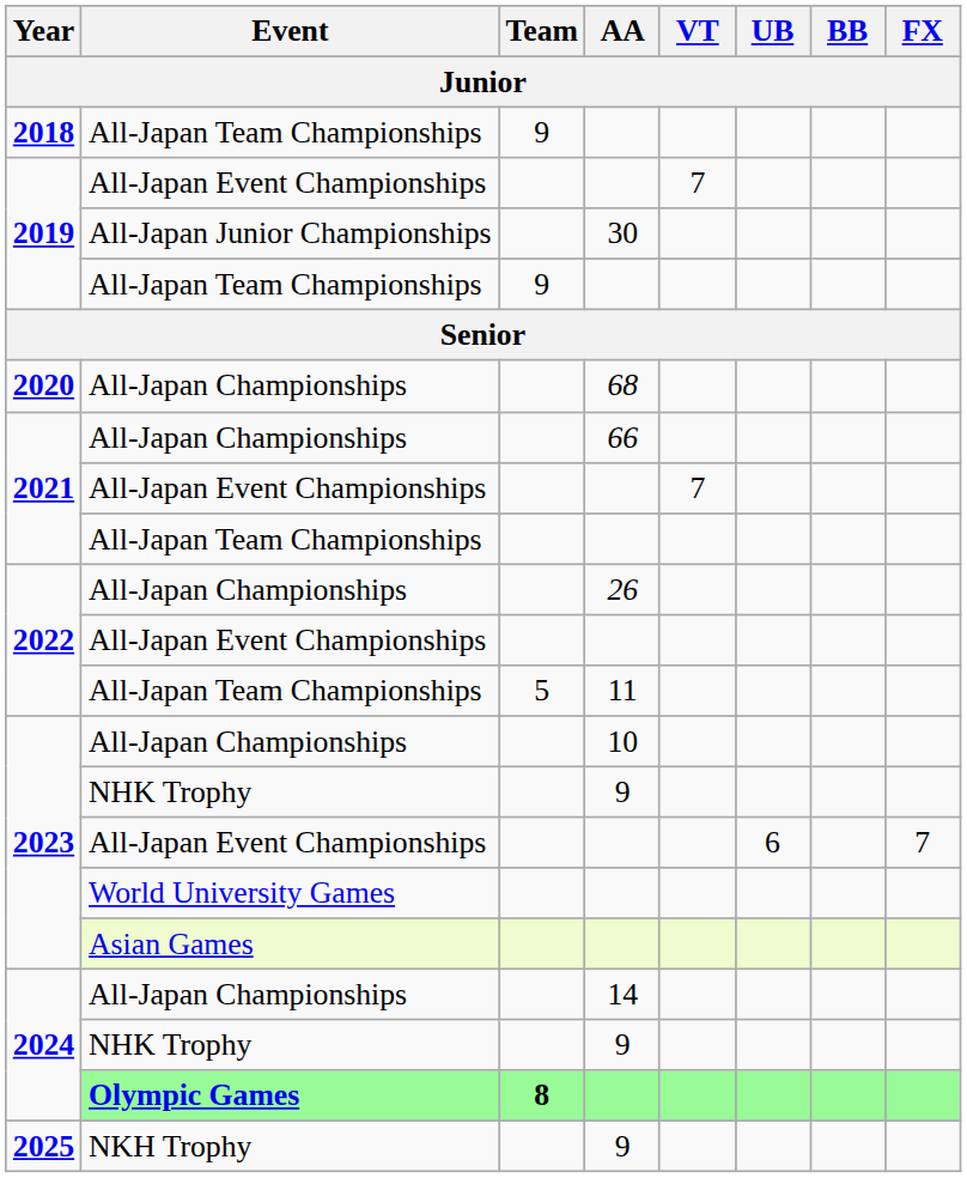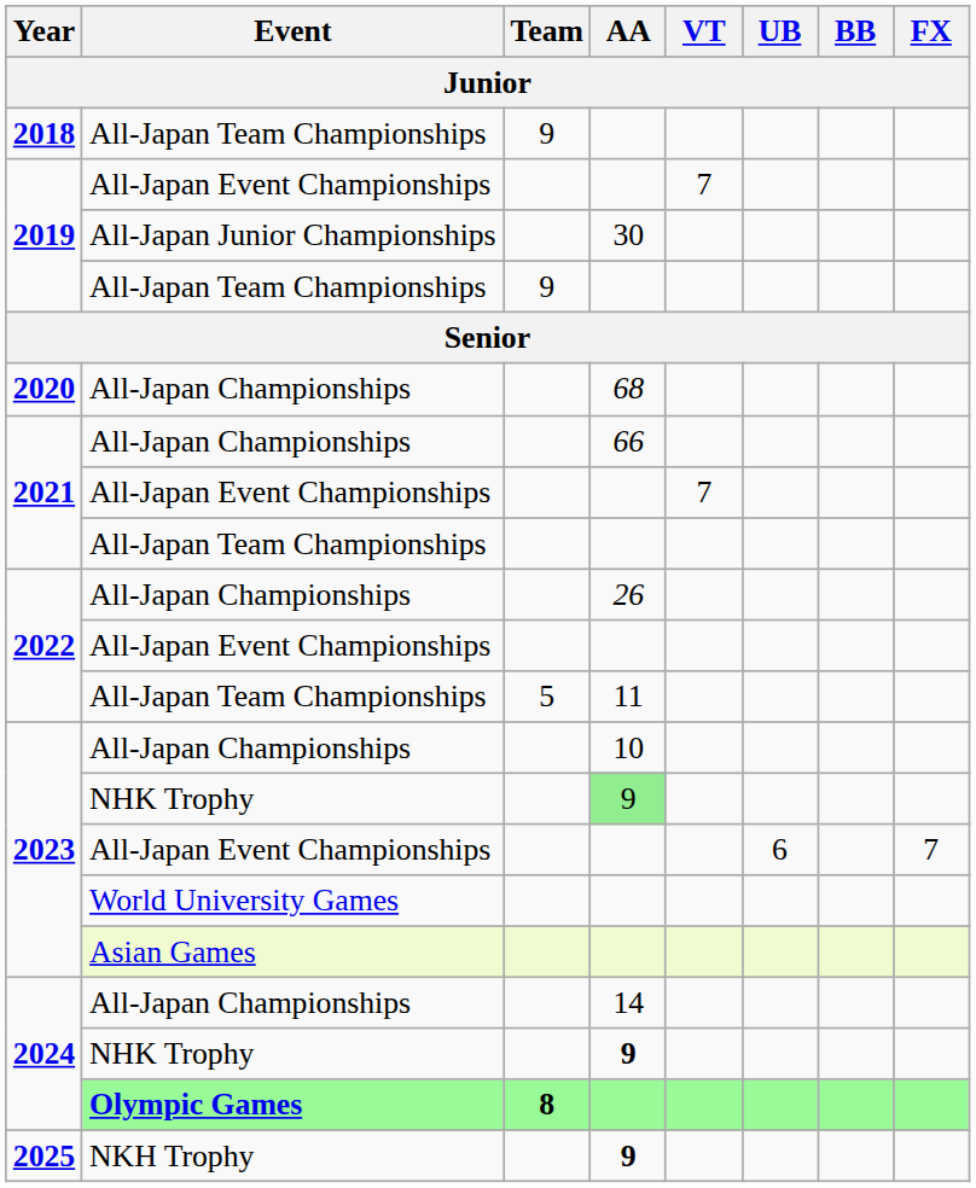 <table class="wikitable" style="text-align:center; font-size:95%;">
 <tr>
 <th align=center>Year</th>
 <th align=center>Event</th>
 <th style="width:30px;">Team</th>
 <th style="width:30px;">AA</th>
 <th style="width:30px;"><a href='#'>VT</a></th>
 <th style="width:30px;"><a href='#'>UB</a></th>
 <th style="width:30px;"><a href='#'>BB</a></th>
 <th style="width:30px;"><a href='#'>FX</a></th>
 </tr>
 <tr>
 <th colspan="8"><strong>Junior</strong></th>
 </tr>
 <tr>
 <td rowspan="1"><strong><a href='#'>2018</a></strong></td>
 <td align=left>All-Japan Team Championships</td>
 <td>9</td>
 <td></td>
 <td></td>
 <td></td>
 <td></td>
 <td></td>
 </tr>
 <tr>
 <td rowspan="3"><strong><a href='#'>2019</a></strong></td>
 <td align=left>All-Japan Event Championships</td>
 <td></td>
 <td></td>
 <td>7</td>
 <td></td>
 <td></td>
 <td></td>
 </tr>
 <tr>
 <td align=left>All-Japan Junior Championships</td>
 <td></td>
 <td>30</td>
 <td></td>
 <td></td>
 <td></td>
 <td></td>
 </tr>
 <tr>
 <td align=left>All-Japan Team Championships</td>
 <td>9</td>
 <td></td>
 <td></td>
 <td></td>
 <td></td>
 <td></td>
 </tr>
 <tr>
 <th colspan="8"><strong>Senior</strong></th>
 </tr>
 <tr>
 <td rowspan="1"><strong><a href='#'>2020</a></strong></td>
 <td align=left>All-Japan Championships</td>
 <td></td>
 <td><em>68</em></td>
 <td></td>
 <td></td>
 <td></td>
 <td></td>
 </tr>
 <tr>
 <td rowspan="3"><strong><a href='#'>2021</a></strong></td>
 <td align=left>All-Japan Championships</td>
 <td></td>
 <td><em>66</em></td>
 <td></td>
 <td></td>
 <td></td>
 <td></td>
 </tr>
 <tr>
 <td align=left>All-Japan Event Championships</td>
 <td></td>
 <td></td>
 <td>7</td>
 <td></td>
 <td></td>
 <td></td>
 </tr>
 <tr>
 <td align=left>All-Japan Team Championships</td>
 <td></td>
 <td></td>
 <td></td>
 <td></td>
 <td></td>
 <td></td>
 </tr>
 <tr>
 <td rowspan="3"><strong><a href='#'>2022</a></strong></td>
 <td align=left>All-Japan Championships</td>
 <td></td>
 <td><em>26</em></td>
 <td></td>
 <td></td>
 <td></td>
 <td></td>
 </tr>
 <tr>
 <td align=left>All-Japan Event Championships</td>
 <td></td>
 <td></td>
 <td></td>
 <td></td>
 <td></td>
 <td></td>
 </tr>
 <tr>
 <td align=left>All-Japan Team Championships</td>
 <td>5</td>
 <td>11</td>
 <td></td>
 <td></td>
 <td></td>
 <td></td>
 </tr>
 <tr>
 <td rowspan="5"><strong><a href='#'>2023</a></strong></td>
 <td align=left>All-Japan Championships</td>
 <td></td>
 <td>10</td>
 <td></td>
 <td></td>
 <td></td>
 <td></td>
 </tr>
 <tr>
 <td align=left>NHK Trophy</td>
 <td></td>
-<td>9</td>
+<td style="background: lightgreen;">9</td>
 <td></td>
 <td></td>
 <td></td>
 <td></td>
 </tr>
 <tr>
 <td align=left>All-Japan Event Championships</td>
 <td></td>
 <td></td>
 <td></td>
 <td>6</td>
 <td></td>
 <td>7</td>
 </tr>
 <tr>
 <td align=left><a href='#'>World University Games</a></td>
 <td></td>
 <td></td>
 <td></td>
 <td></td>
 <td></td>
 <td></td>
 </tr>
 <tr bgcolor=#f0fccf>
 <td align=left><a href='#'>Asian Games</a></td>
 <td></td>
 <td></td>
 <td></td>
 <td></td>
 <td></td>
 <td></td>
 </tr>
 <tr>
 <td rowspan="3"><strong><a href='#'>2024</a></strong></td>
 <td align=left>All-Japan Championships</td>
 <td></td>
 <td>14</td>
 <td></td>
 <td></td>
 <td></td>
 <td></td>
 </tr>
 <tr>
 <td align=left>NHK Trophy</td>
 <td></td>
-<td>9</td>
+<td><strong>9</strong></td>
 <td></td>
 <td></td>
 <td></td>
 <td></td>
 </tr>
 <tr bgcolor=98FB98>
 <td align=left><strong><a href='#'>Olympic Games</a></strong></td>
 <td><strong>8</strong></td>
 <td></td>
 <td></td>
 <td></td>
 <td></td>
 <td></td>
 </tr>
 <tr>
 <td rowspan="1"><strong><a href='#'>2025</a></strong></td>
 <td align=left>NKH Trophy</td>
 <td></td>
-<td>9</td>
+<td><strong>9</strong></td>
 <td></td>
 <td></td>
 <td></td>
 <td></td>
 </tr>
 </table>
